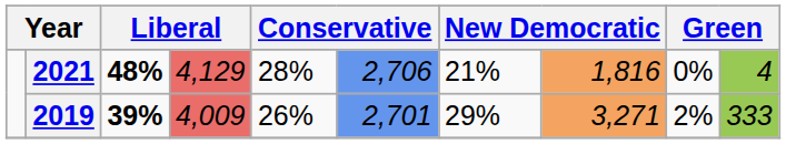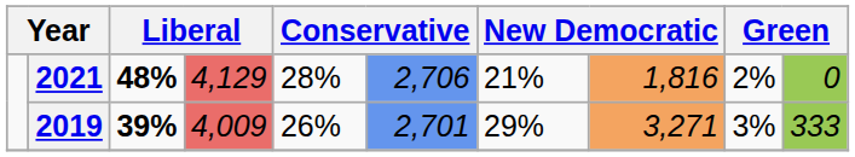 <table class="wikitable" style="float:right; width:400; font-size:90%; margin-left:1em;">
 <tr>
 <th colspan="2" scope="col">Year</th>
 <th colspan="2" scope="col"><a href='#'>Liberal</a></th>
 <th colspan="2" scope="col"><a href='#'>Conservative</a></th>
 <th colspan="2" scope="col"><a href='#'>New Democratic</a></th>
 <th colspan="2" scope="col"><a href='#'>Green</a></th>
 </tr>
 <tr>
 <td rowspan="2" style="width: 0.25em; background-color: "></td>
 <th><a href='#'>2021</a></th>
 <td><strong>48%</strong></td>
 <td style="text-align:right; background:#EA6D6A;"><em>4,129</em></td>
 <td>28%</td>
 <td style="text-align:right; background:#6495ED;"><em>2,706</em></td>
 <td>21%</td>
 <td style="text-align:right; background:#F4A460;"><em>1,816</em></td>
-<td>0%</td>
-<td style="text-align:right; background:#99C955;"><em>4</em></td>
+<td>2%</td>
+<td style="text-align:right; background:#99C955;"><em>0</em></td>
 </tr>
 <tr>
 <th><a href='#'>2019</a></th>
 <td><strong>39%</strong></td>
 <td style="text-align:right; background:#EA6D6A;"><em>4,009</em></td>
 <td>26%</td>
 <td style="text-align:right; background:#6495ED;"><em>2,701</em></td>
 <td>29%</td>
 <td style="text-align:right; background:#F4A460;"><em>3,271</em></td>
-<td>2%</td>
+<td>3%</td>
 <td style="text-align:right; background:#99C955;"><em>333</em></td>
 </tr>
 <tr>
 </tr>
 </table>
